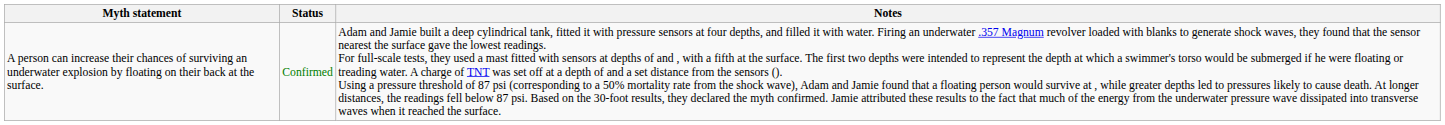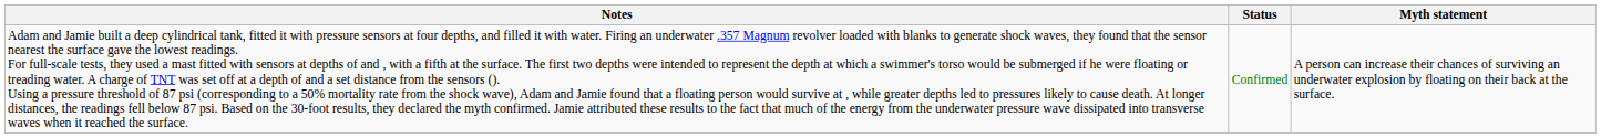 <table class="wikitable plainrowheaders">
 <tr>
+<th>Notes</th>
+<th>Status</th>
 <th>Myth statement</th>
-<th>Status</th>
-<th>Notes</th>
 </tr>
 <tr>
+<td>Adam and Jamie built a  deep cylindrical tank, fitted it with pressure sensors at four depths, and filled it with water. Firing an underwater <a href='#'>.357 Magnum</a> revolver loaded with blanks to generate shock waves, they found that the sensor nearest the surface gave the lowest readings.<br>For full-scale tests, they used a mast fitted with sensors at depths of  and , with a fifth at the surface. The first two depths were intended to represent the depth at which a swimmer's torso would be submerged if he were floating or treading water. A  charge of <a href='#'>TNT</a> was set off at a depth of  and a set distance from the sensors ().<br>Using a pressure threshold of 87 psi (corresponding to a 50% mortality rate from the shock wave), Adam and Jamie found that a floating person would survive at , while greater depths led to pressures likely to cause death. At longer distances, the readings fell below 87 psi. Based on the 30-foot results, they declared the myth confirmed. Jamie attributed these results to the fact that much of the energy from the underwater pressure wave dissipated into transverse waves when it reached the surface.</td>
+<td style="color:green">Confirmed</td>
 <td>A person can increase their chances of surviving an underwater explosion by floating on their back at the surface.</td>
-<td style="color:green">Confirmed</td>
-<td>Adam and Jamie built a  deep cylindrical tank, fitted it with pressure sensors at four depths, and filled it with water. Firing an underwater <a href='#'>.357 Magnum</a> revolver loaded with blanks to generate shock waves, they found that the sensor nearest the surface gave the lowest readings.<br>For full-scale tests, they used a mast fitted with sensors at depths of  and , with a fifth at the surface. The first two depths were intended to represent the depth at which a swimmer's torso would be submerged if he were floating or treading water. A  charge of <a href='#'>TNT</a> was set off at a depth of  and a set distance from the sensors ().<br>Using a pressure threshold of 87 psi (corresponding to a 50% mortality rate from the shock wave), Adam and Jamie found that a floating person would survive at , while greater depths led to pressures likely to cause death. At longer distances, the readings fell below 87 psi. Based on the 30-foot results, they declared the myth confirmed. Jamie attributed these results to the fact that much of the energy from the underwater pressure wave dissipated into transverse waves when it reached the surface.</td>
 </tr>
 </table>
